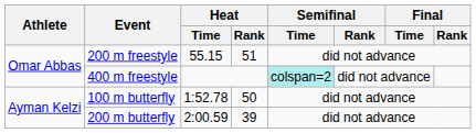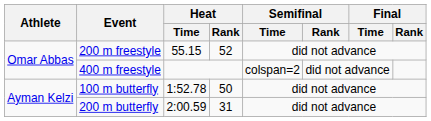 <table class="wikitable" style="text-align:center; font-size:90%">
 <tr>
 <th rowspan="2">Athlete</th>
 <th rowspan="2">Event</th>
 <th colspan="2">Heat</th>
 <th colspan="2">Semifinal</th>
 <th colspan="2">Final</th>
 </tr>
 <tr style="font-size:95%">
 <th>Time</th>
 <th>Rank</th>
 <th>Time</th>
 <th>Rank</th>
 <th>Time</th>
 <th>Rank</th>
 </tr>
 <tr>
 <td align=left rowspan=2><a href='#'>Omar Abbas</a></td>
 <td align=left><a href='#'>200 m freestyle</a></td>
 <td>55.15</td>
-<td>51</td>
+<td>52</td>
 <td colspan=4>did not advance</td>
 </tr>
 <tr>
 <td align=left><a href='#'>400 m freestyle</a></td>
 <td colspan=2></td>
-<td style="background: paleturquoise;">colspan=2 </td>
+<td>colspan=2 </td>
 <td colspan=2>did not advance</td>
 </tr>
 <tr>
 <td align=left rowspan=2><a href='#'>Ayman Kelzi</a></td>
 <td align=left><a href='#'>100 m butterfly</a></td>
 <td>1:52.78</td>
 <td>50</td>
 <td colspan=4>did not advance</td>
 </tr>
 <tr>
 <td align=left><a href='#'>200 m butterfly</a></td>
 <td>2:00.59</td>
-<td>39</td>
+<td>31</td>
 <td colspan=4>did not advance</td>
 </tr>
 </table>
